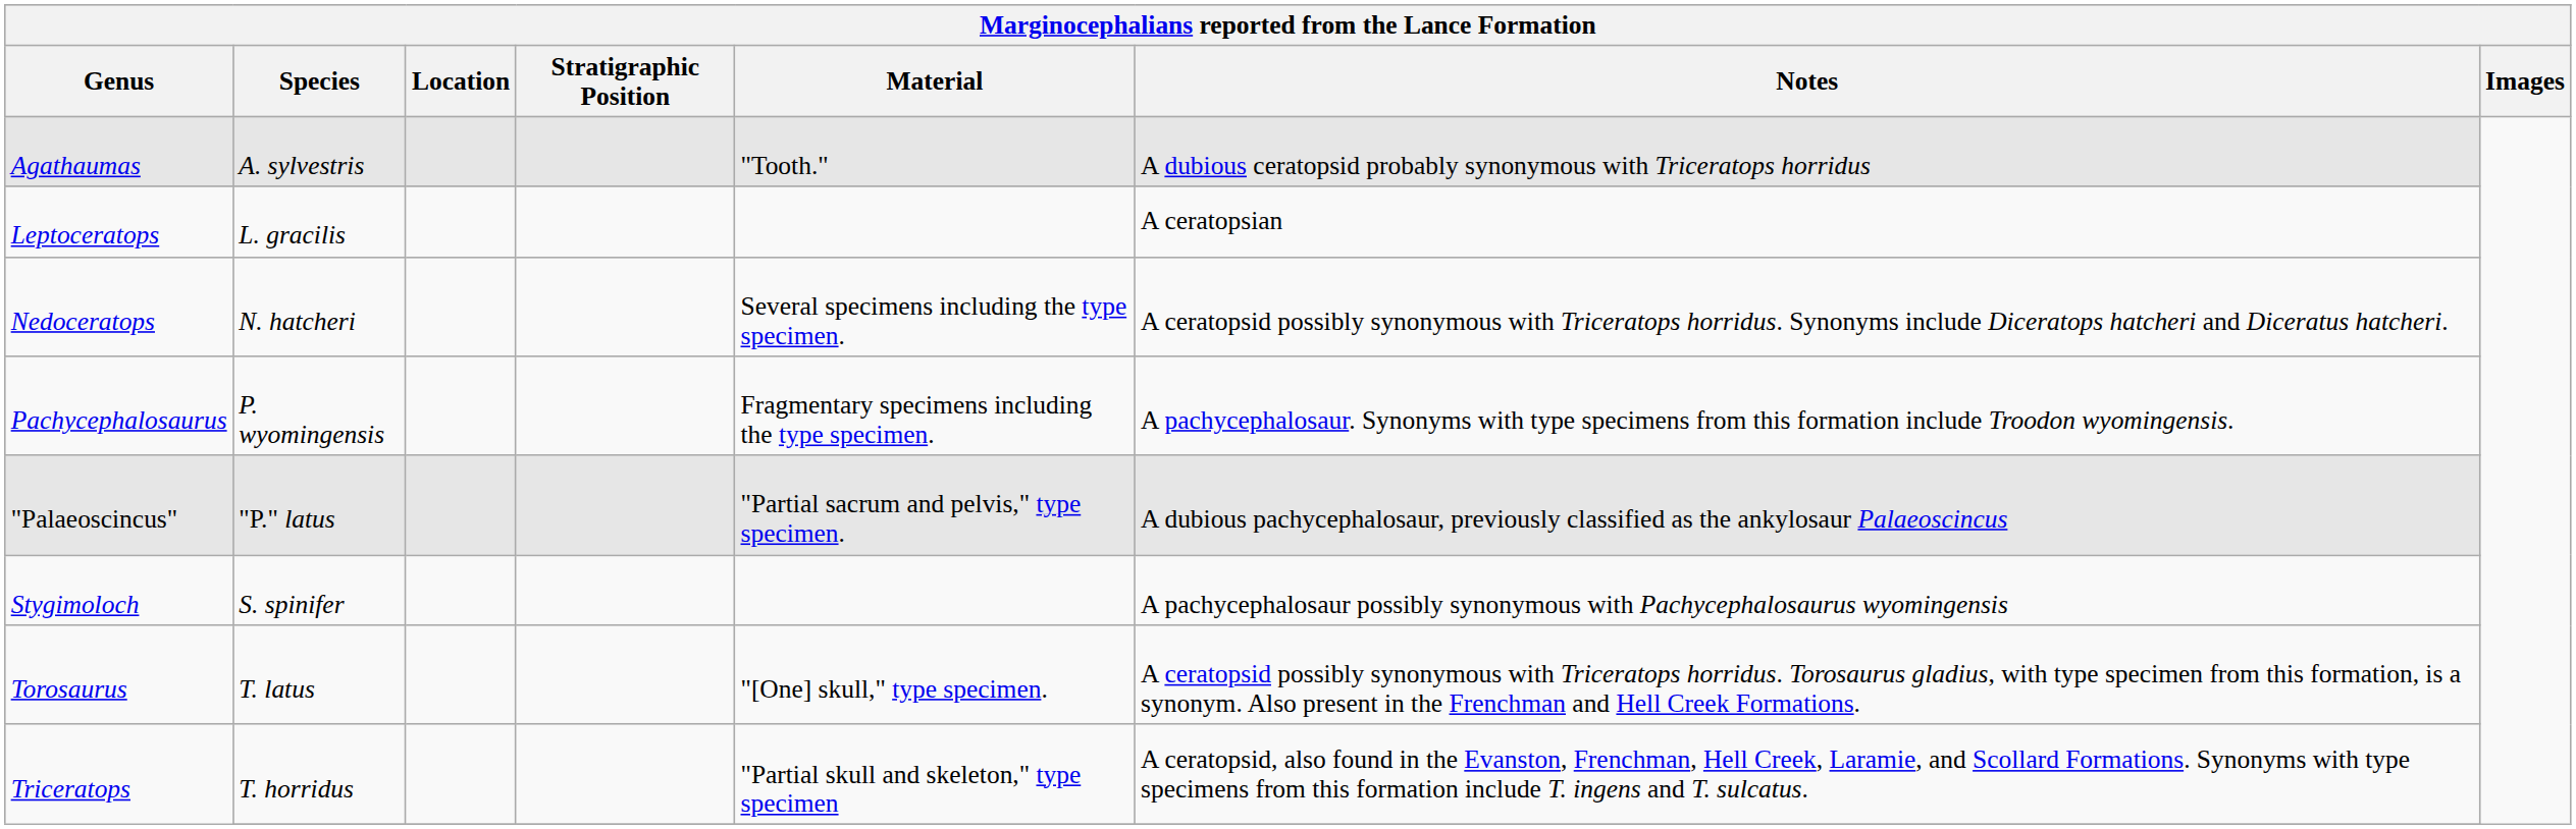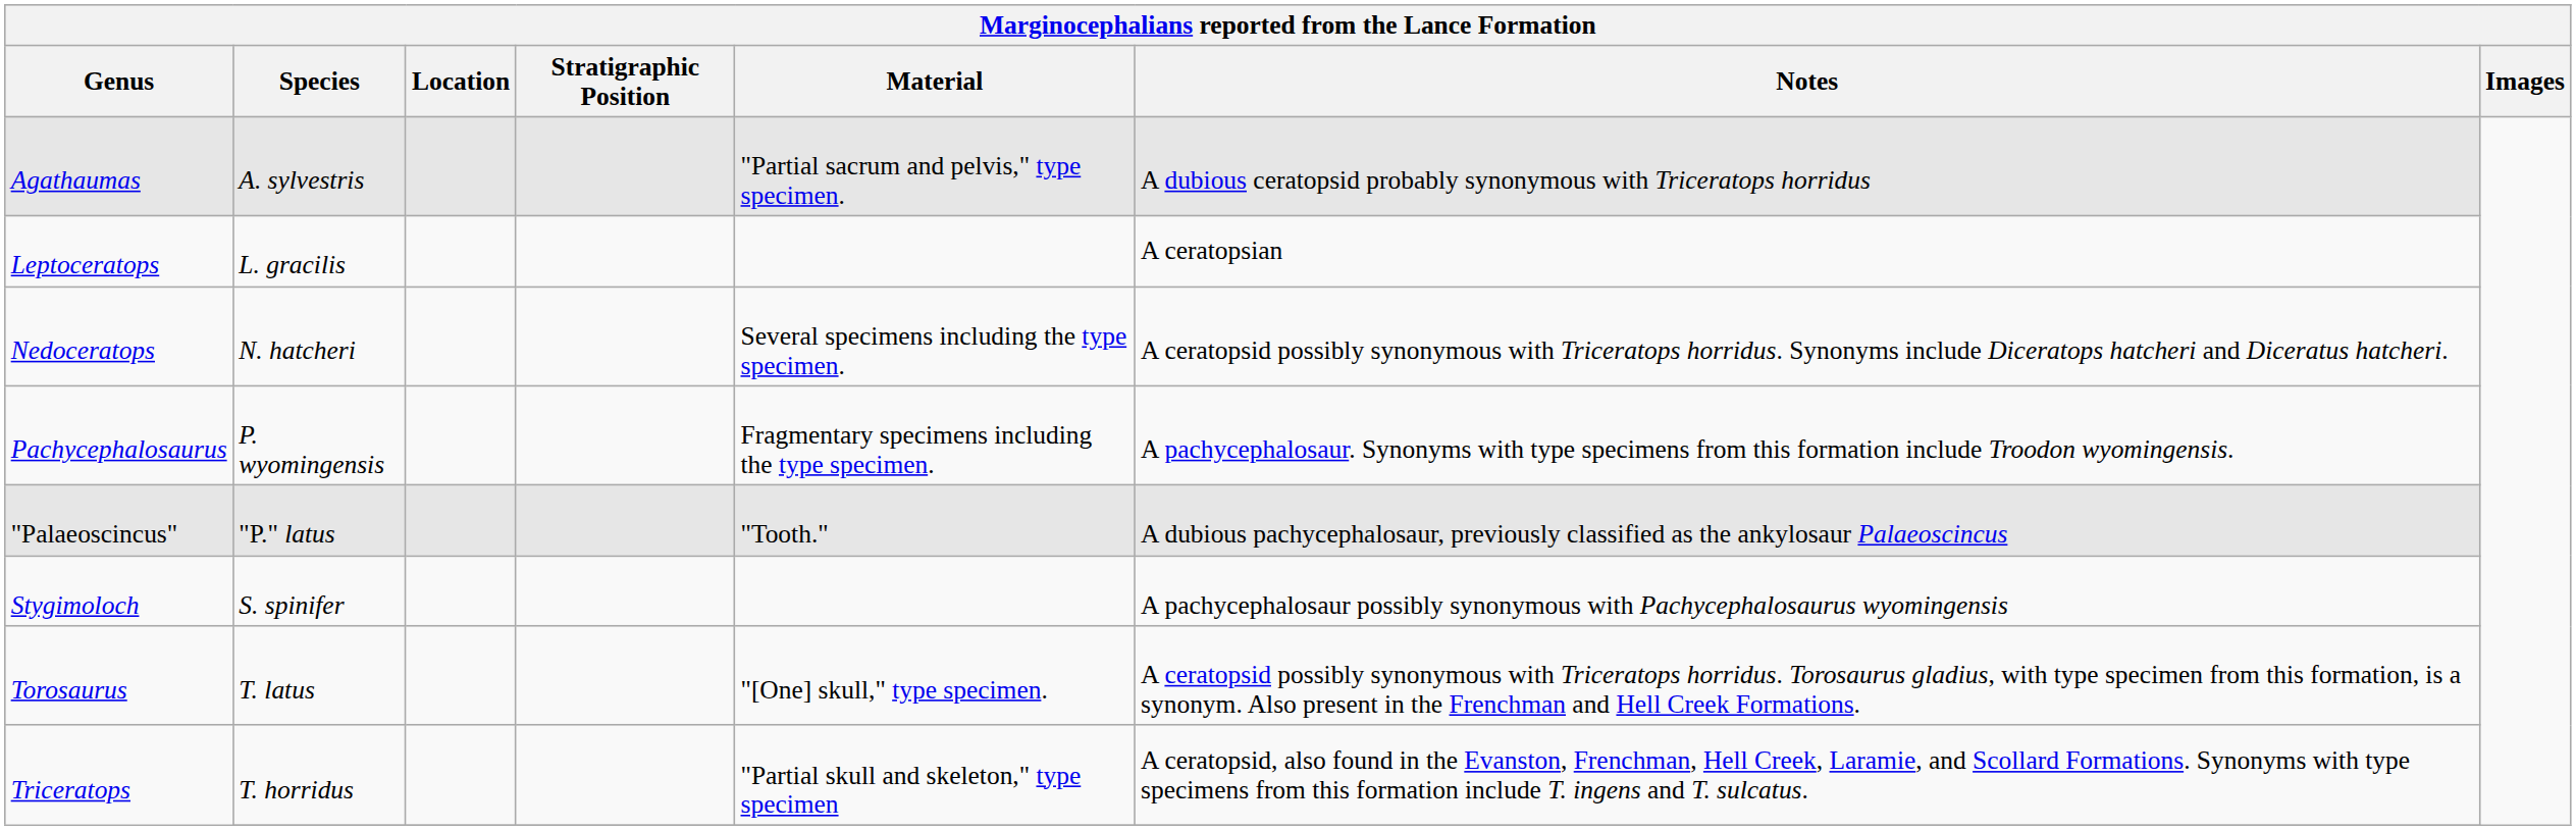 <table class="wikitable" align="center" width="100%">
 <tr>
 <th colspan="7" align="center"><strong><a href='#'>Marginocephalians</a> reported from the Lance Formation</strong></th>
 </tr>
 <tr>
 <th>Genus</th>
 <th>Species</th>
 <th>Location</th>
 <th>Stratigraphic Position</th>
 <th>Material</th>
 <th>Notes</th>
 <th>Images</th>
 </tr>
 <tr>
 <td style="background:#E6E6E6;"><br><em><a href='#'>Agathaumas</a></em></td>
 <td style="background:#E6E6E6;"><br><em>A. sylvestris</em></td>
 <td style="background:#E6E6E6;"></td>
 <td style="background:#E6E6E6;"></td>
-<td style="background:#E6E6E6;"><br>"Tooth."</td>
+<td style="background:#E6E6E6;"><br>"Partial sacrum and pelvis," <a href='#'>type specimen</a>.</td>
 <td style="background:#E6E6E6;"><br>A <a href='#'>dubious</a> ceratopsid probably synonymous with <em>Triceratops horridus</em></td>
 <td rowspan=99><br>     </td>
 </tr>
 <tr>
 <td><br><em><a href='#'>Leptoceratops</a></em></td>
 <td><br><em>L. gracilis</em></td>
 <td></td>
 <td></td>
 <td></td>
 <td>A ceratopsian</td>
 </tr>
 <tr>
 <td><br><em><a href='#'>Nedoceratops</a></em></td>
 <td><br><em>N. hatcheri</em></td>
 <td></td>
 <td></td>
 <td><br>Several specimens including the <a href='#'>type specimen</a>.</td>
 <td><br>A ceratopsid possibly synonymous with <em>Triceratops horridus</em>. Synonyms include <em>Diceratops hatcheri</em> and <em>Diceratus hatcheri</em>.</td>
 </tr>
 <tr>
 <td><br><em><a href='#'>Pachycephalosaurus</a></em></td>
 <td><br><em>P. wyomingensis</em></td>
 <td></td>
 <td></td>
 <td><br>Fragmentary specimens including the <a href='#'>type specimen</a>.</td>
 <td><br>A <a href='#'>pachycephalosaur</a>. Synonyms with type specimens from this formation include <em>Troodon wyomingensis</em>.</td>
 </tr>
 <tr>
 <td style="background:#E6E6E6;"><br>"Palaeoscincus"</td>
 <td style="background:#E6E6E6;"><br>"P." <em>latus</em></td>
 <td style="background:#E6E6E6;"></td>
 <td style="background:#E6E6E6;"></td>
-<td style="background:#E6E6E6;"><br>"Partial sacrum and pelvis," <a href='#'>type specimen</a>.</td>
+<td style="background:#E6E6E6;"><br>"Tooth."</td>
 <td style="background:#E6E6E6;"><br>A dubious pachycephalosaur, previously classified as the ankylosaur <em><a href='#'>Palaeoscincus</a></em></td>
 </tr>
 <tr>
 <td><br><em><a href='#'>Stygimoloch</a></em></td>
 <td><br><em>S. spinifer</em></td>
 <td></td>
 <td></td>
 <td></td>
 <td><br>A pachycephalosaur possibly synonymous with <em>Pachycephalosaurus wyomingensis</em></td>
 </tr>
 <tr>
 <td><br><em><a href='#'>Torosaurus</a></em></td>
 <td><br><em>T. latus</em></td>
 <td></td>
 <td></td>
 <td><br>"[One] skull," <a href='#'>type specimen</a>.</td>
 <td><br>A <a href='#'>ceratopsid</a> possibly synonymous with <em>Triceratops horridus</em>. <em>Torosaurus gladius</em>, with type specimen from this formation, is a synonym. Also present in the <a href='#'>Frenchman</a> and <a href='#'>Hell Creek Formations</a>.</td>
 </tr>
 <tr>
 <td rowspan="2"><br><em><a href='#'>Triceratops</a></em></td>
 <td><br><em>T. horridus</em></td>
 <td></td>
 <td></td>
 <td><br>"Partial skull and skeleton," <a href='#'>type specimen</a></td>
 <td>A ceratopsid, also found in the <a href='#'>Evanston</a>, <a href='#'>Frenchman</a>, <a href='#'>Hell Creek</a>, <a href='#'>Laramie</a>, and <a href='#'>Scollard Formations</a>. Synonyms with type specimens from this formation include <em>T. ingens</em> and <em>T. sulcatus</em>.</td>
 </tr>
 <tr>
 </tr>
 </table>
